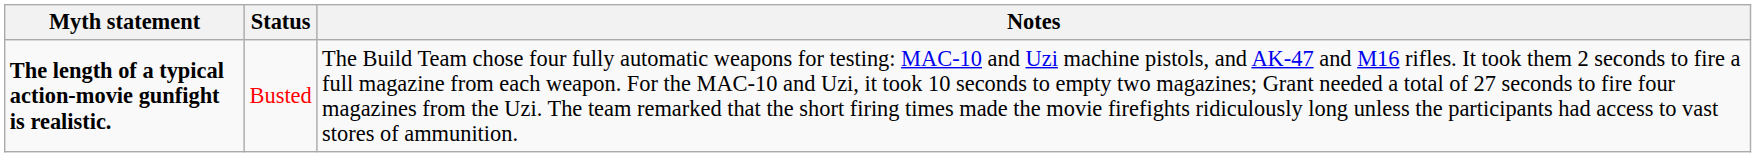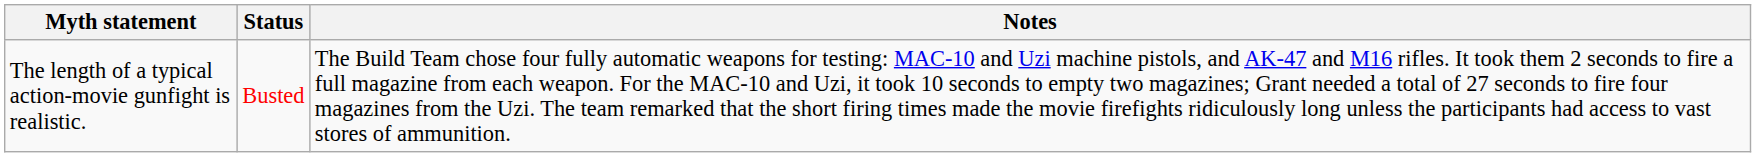 <table class="wikitable plainrowheaders">
 <tr>
 <th>Myth statement</th>
 <th>Status</th>
 <th>Notes</th>
 </tr>
 <tr>
-<td><strong>The length of a typical action-movie gunfight is realistic.</strong></td>
+<td>The length of a typical action-movie gunfight is realistic.</td>
 <td style="color:red">Busted</td>
 <td>The Build Team chose four fully automatic weapons for testing: <a href='#'>MAC-10</a> and <a href='#'>Uzi</a> machine pistols, and <a href='#'>AK-47</a> and <a href='#'>M16</a> rifles. It took them 2 seconds to fire a full magazine from each weapon. For the MAC-10 and Uzi, it took 10 seconds to empty two magazines; Grant needed a total of 27 seconds to fire four magazines from the Uzi. The team remarked that the short firing times made the movie firefights ridiculously long unless the participants had access to vast stores of ammunition.</td>
 </tr>
 </table>
